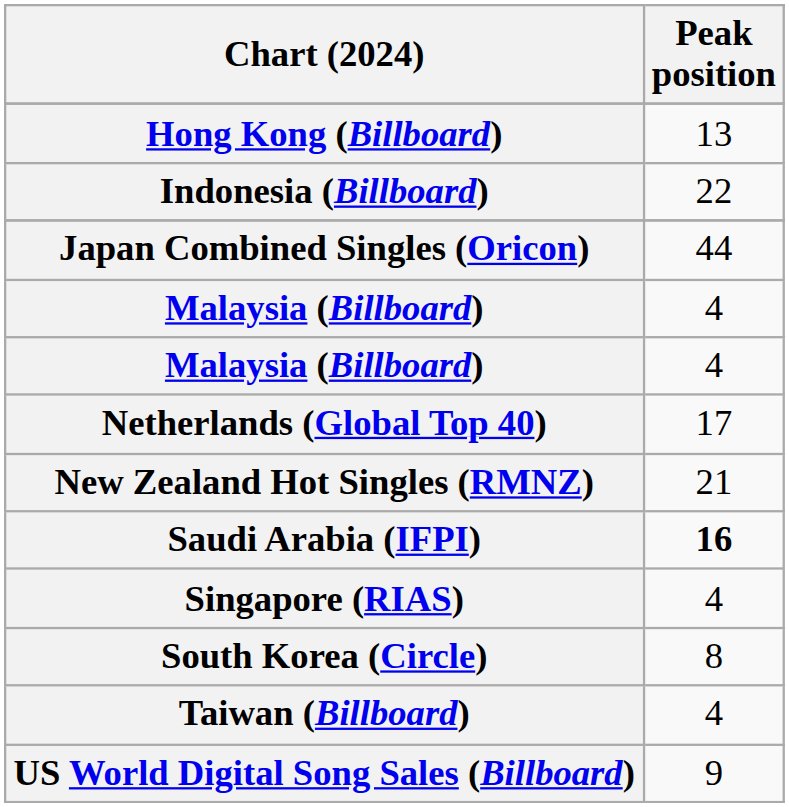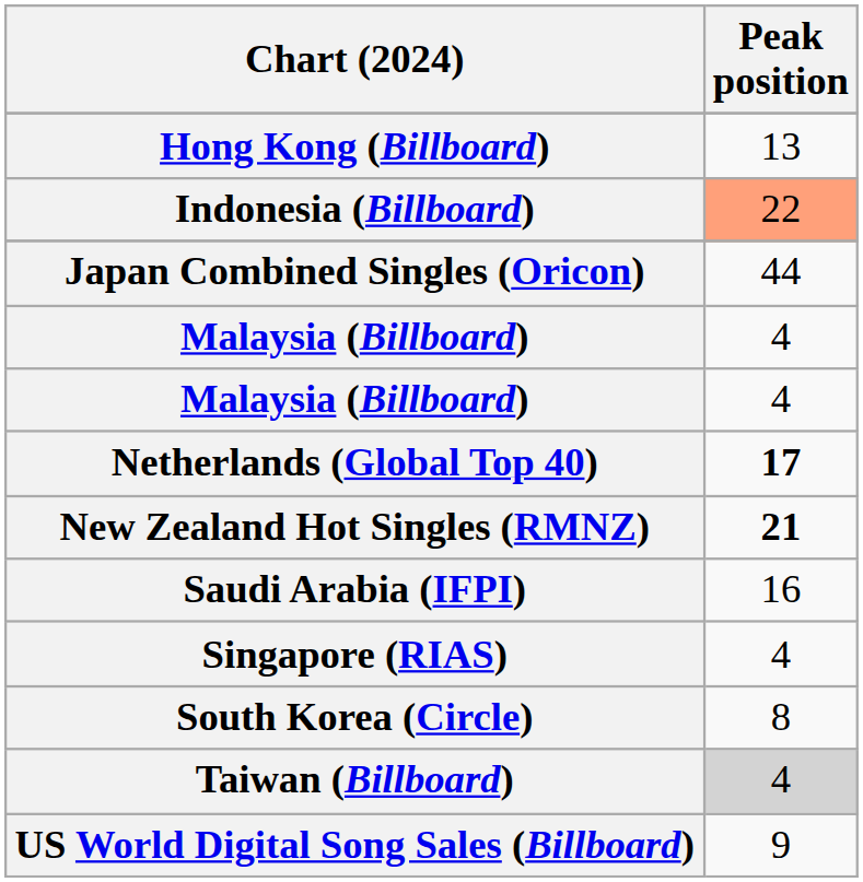 <table class="wikitable sortable plainrowheaders" style="text-align:center">
 <tr>
 <th scope="col">Chart (2024)</th>
 <th scope="col">Peak<br>position</th>
 </tr>
 <tr>
 </tr>
 <tr>
 </tr>
 <tr>
 <th scope="row"><a href='#'>Hong Kong</a> (<em><a href='#'>Billboard</a></em>)</th>
 <td>13</td>
 </tr>
 <tr>
 <th scope="row">Indonesia (<em><a href='#'>Billboard</a></em>)</th>
-<td>22</td>
+<td style="background: lightsalmon;">22</td>
 </tr>
 <tr>
 </tr>
 <tr>
 <th scope="row">Japan Combined Singles (<a href='#'>Oricon</a>)</th>
 <td>44</td>
 </tr>
 <tr>
 <th scope="row"><a href='#'>Malaysia</a> (<em><a href='#'>Billboard</a></em>)</th>
 <td>4</td>
 </tr>
 <tr>
 <th scope="row"><a href='#'>Malaysia</a> (<em><a href='#'>Billboard</a></em>)</th>
 <td>4</td>
 </tr>
 <tr>
 <th scope="row">Netherlands (<a href='#'>Global Top 40</a>)</th>
-<td>17</td>
+<td><strong>17</strong></td>
 </tr>
 <tr>
 <th scope="row">New Zealand Hot Singles (<a href='#'>RMNZ</a>)</th>
-<td>21</td>
+<td><strong>21</strong></td>
 </tr>
 <tr>
 <th scope="row">Saudi Arabia (<a href='#'>IFPI</a>)</th>
-<td><strong>16</strong></td>
+<td>16</td>
 </tr>
 <tr>
 <th scope="row">Singapore (<a href='#'>RIAS</a>)</th>
 <td>4</td>
 </tr>
 <tr>
 <th scope="row">South Korea (<a href='#'>Circle</a>)</th>
 <td>8</td>
 </tr>
 <tr>
 <th scope="row">Taiwan (<em><a href='#'>Billboard</a></em>)</th>
-<td>4</td>
+<td style="background: lightgrey;">4</td>
 </tr>
 <tr>
 <th scope="row">US <a href='#'>World Digital Song Sales</a> (<em><a href='#'>Billboard</a></em>)</th>
 <td>9</td>
 </tr>
 </table>
